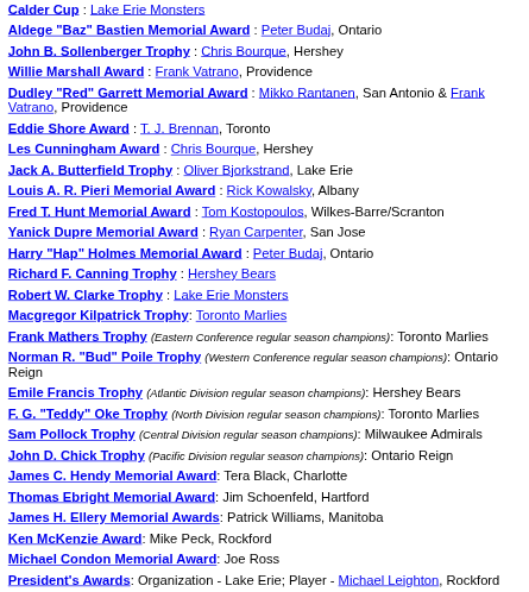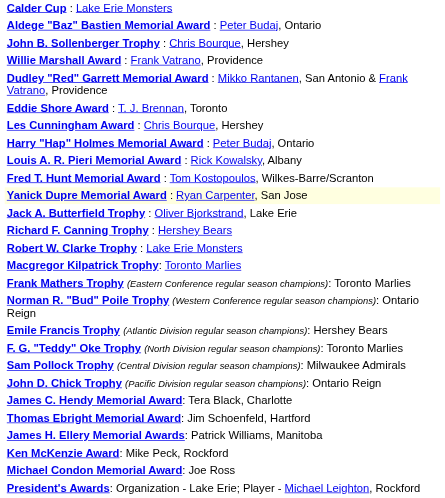 <table cellpadding="3" cellspacing="1">
 <tr>
 <td><strong><a href='#'>Calder Cup</a> </strong>: <a href='#'>Lake Erie Monsters</a></td>
 </tr>
 <tr>
 <td><strong><a href='#'>Aldege "Baz" Bastien Memorial Award</a> </strong>: <a href='#'>Peter Budaj</a>, Ontario</td>
 </tr>
 <tr>
 <td><strong><a href='#'>John B. Sollenberger Trophy</a> </strong>: <a href='#'>Chris Bourque</a>, Hershey</td>
 </tr>
 <tr>
 <td><strong><a href='#'>Willie Marshall Award</a> </strong>: <a href='#'>Frank Vatrano</a>, Providence</td>
 </tr>
 <tr>
 <td><strong><a href='#'>Dudley "Red" Garrett Memorial Award</a> </strong>: <a href='#'>Mikko Rantanen</a>, San Antonio & <a href='#'>Frank Vatrano</a>, Providence</td>
 </tr>
 <tr>
 <td><strong><a href='#'>Eddie Shore Award</a> </strong>: <a href='#'>T. J. Brennan</a>, Toronto</td>
 </tr>
 <tr>
 <td><strong><a href='#'>Les Cunningham Award</a> </strong>: <a href='#'>Chris Bourque</a>, Hershey</td>
 </tr>
 <tr>
-<td><strong><a href='#'>Jack A. Butterfield Trophy</a> </strong>: <a href='#'>Oliver Bjorkstrand</a>, Lake Erie</td>
+<td><strong><a href='#'>Harry "Hap" Holmes Memorial Award</a> </strong>: <a href='#'>Peter Budaj</a>, Ontario</td>
 </tr>
 <tr>
 <td><strong><a href='#'>Louis A. R. Pieri Memorial Award</a> </strong>: <a href='#'>Rick Kowalsky</a>, Albany</td>
 </tr>
 <tr>
 <td><strong><a href='#'>Fred T. Hunt Memorial Award</a> </strong>: <a href='#'>Tom Kostopoulos</a>, Wilkes-Barre/Scranton</td>
 </tr>
 <tr>
-<td><strong><a href='#'>Yanick Dupre Memorial Award</a> </strong>: <a href='#'>Ryan Carpenter</a>, San Jose</td>
+<td style="background: lightyellow;"><strong><a href='#'>Yanick Dupre Memorial Award</a> </strong>: <a href='#'>Ryan Carpenter</a>, San Jose</td>
 </tr>
 <tr>
-<td><strong><a href='#'>Harry "Hap" Holmes Memorial Award</a> </strong>: <a href='#'>Peter Budaj</a>, Ontario</td>
+<td><strong><a href='#'>Jack A. Butterfield Trophy</a> </strong>: <a href='#'>Oliver Bjorkstrand</a>, Lake Erie</td>
 </tr>
 <tr>
 <td><strong><a href='#'>Richard F. Canning Trophy</a> </strong>: <a href='#'>Hershey Bears</a></td>
 </tr>
 <tr>
 <td><strong><a href='#'>Robert W. Clarke Trophy</a> </strong>: <a href='#'>Lake Erie Monsters</a></td>
 </tr>
 <tr>
 <td><strong><a href='#'>Macgregor Kilpatrick Trophy</a></strong>: <a href='#'>Toronto Marlies</a></td>
 </tr>
 <tr>
 <td><strong><a href='#'>Frank Mathers Trophy</a></strong> <small><em>(Eastern Conference regular season champions)</em></small>: Toronto Marlies</td>
 </tr>
 <tr>
 <td><strong><a href='#'>Norman R. "Bud" Poile Trophy</a></strong> <small><em>(Western Conference regular season champions)</em></small>: Ontario Reign</td>
 </tr>
 <tr>
 <td><strong><a href='#'>Emile Francis Trophy</a> </strong> <small><em>(Atlantic Division regular season champions)</em></small>: Hershey Bears</td>
 </tr>
 <tr>
 <td><strong><a href='#'>F. G. "Teddy" Oke Trophy</a></strong> <small><em>(North Division regular season champions)</em></small>: Toronto Marlies</td>
 </tr>
 <tr>
 <td><strong><a href='#'>Sam Pollock Trophy</a></strong> <small><em>(Central Division regular season champions)</em></small>: Milwaukee Admirals</td>
 </tr>
 <tr>
 <td><strong><a href='#'>John D. Chick Trophy</a></strong> <small><em>(Pacific Division regular season champions)</em></small>: Ontario Reign</td>
 </tr>
 <tr>
 <td><strong><a href='#'>James C. Hendy Memorial Award</a></strong>: Tera Black, Charlotte</td>
 </tr>
 <tr>
 <td><strong><a href='#'>Thomas Ebright Memorial Award</a></strong>: Jim Schoenfeld, Hartford</td>
 </tr>
 <tr>
 <td><strong><a href='#'>James H. Ellery Memorial Awards</a></strong>: Patrick Williams, Manitoba</td>
 </tr>
 <tr>
 <td><strong><a href='#'>Ken McKenzie Award</a></strong>: Mike Peck, Rockford</td>
 </tr>
 <tr>
 <td><strong><a href='#'>Michael Condon Memorial Award</a></strong>: Joe Ross</td>
 </tr>
 <tr>
 <td><strong><a href='#'>President's Awards</a></strong>: Organization - Lake Erie; Player - <a href='#'>Michael Leighton</a>, Rockford</td>
 </tr>
 </table>
